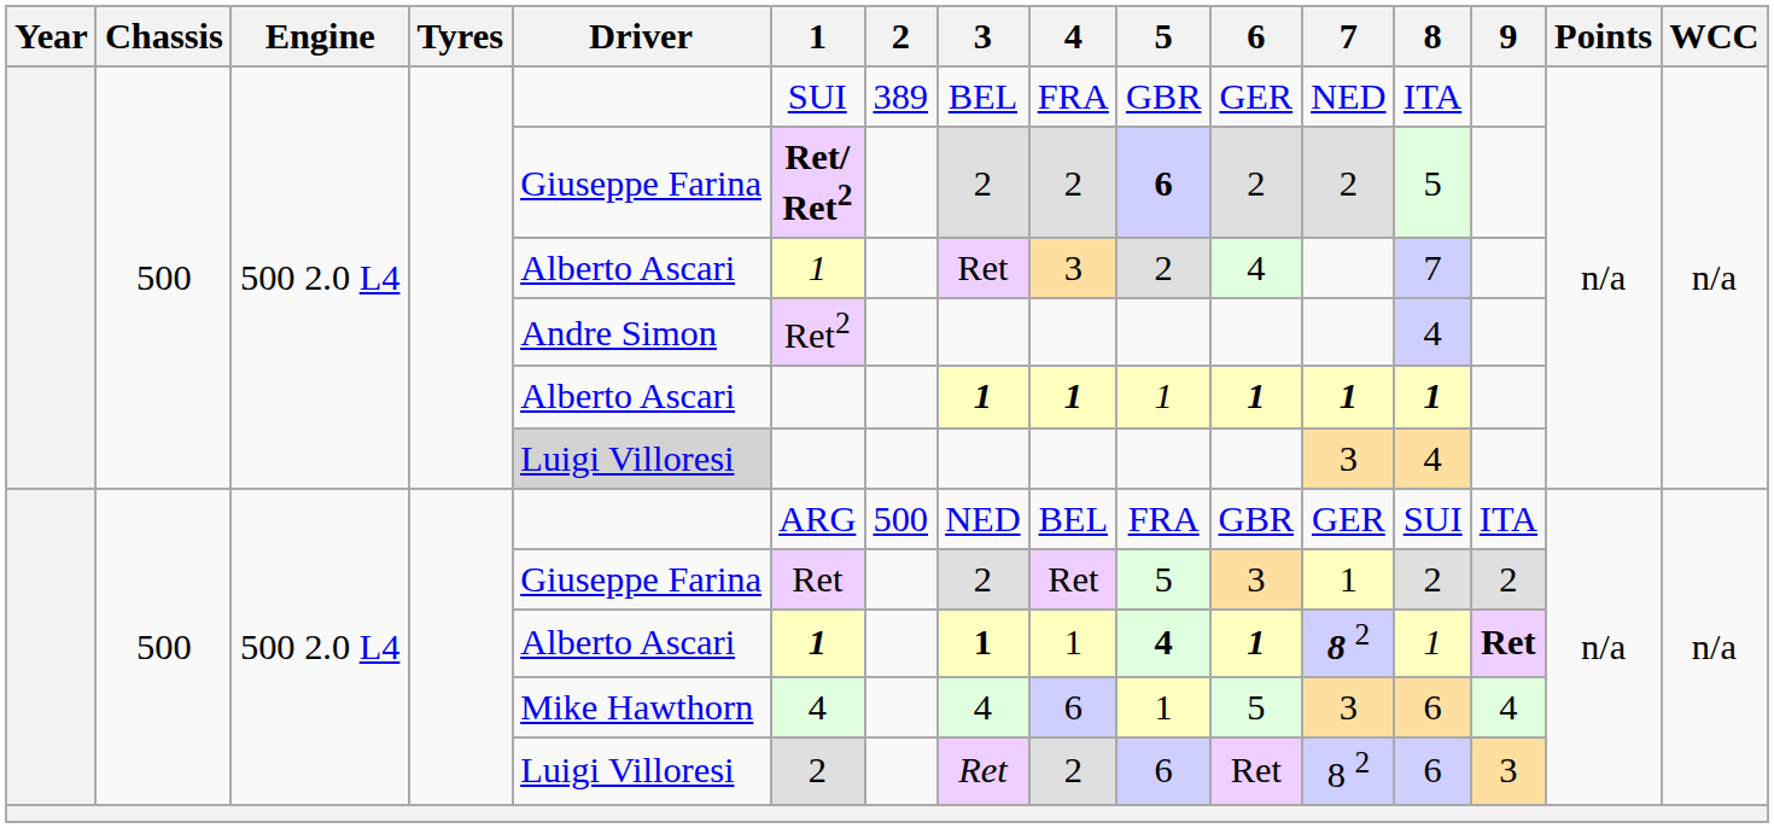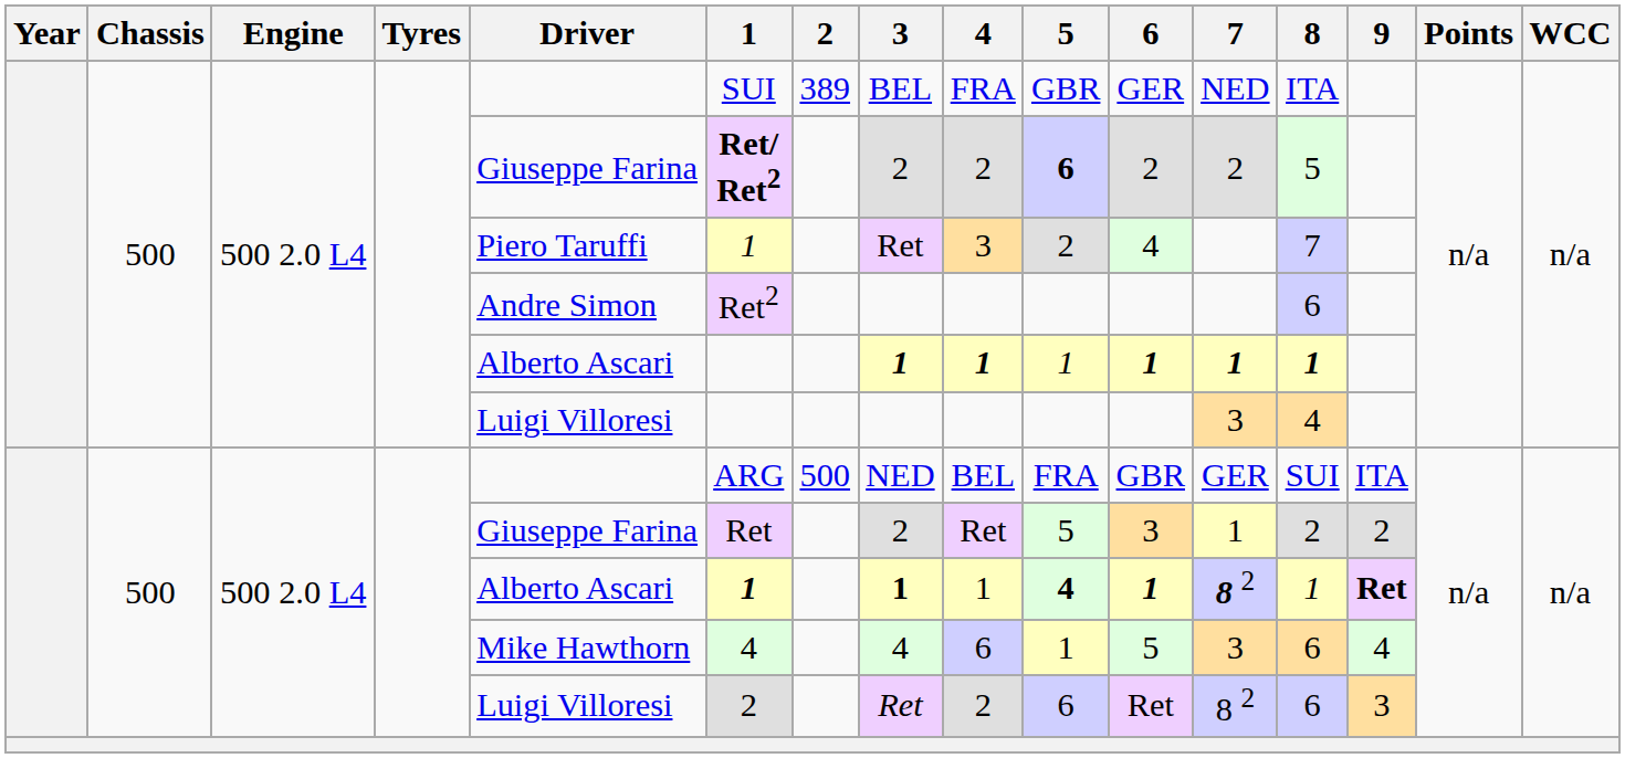 <table class="wikitable" style="text-align:center; font-size:95%">
 <tr>
 <th>Year</th>
 <th>Chassis</th>
 <th>Engine</th>
 <th>Tyres</th>
 <th>Driver</th>
 <th>1</th>
 <th>2</th>
 <th>3</th>
 <th>4</th>
 <th>5</th>
 <th>6</th>
 <th>7</th>
 <th>8</th>
 <th>9</th>
 <th>Points</th>
 <th>WCC</th>
 </tr>
 <tr>
 <th rowspan="6"></th>
 <td rowspan="6">500</td>
 <td rowspan="6">500 2.0 <a href='#'>L4</a></td>
 <td rowspan="6"></td>
 <td></td>
 <td><a href='#'>SUI</a></td>
 <td><a href='#'>389</a></td>
 <td><a href='#'>BEL</a></td>
 <td><a href='#'>FRA</a></td>
 <td><a href='#'>GBR</a></td>
 <td><a href='#'>GER</a></td>
 <td><a href='#'>NED</a></td>
 <td><a href='#'>ITA</a></td>
 <td></td>
 <td rowspan="6">n/a</td>
 <td rowspan="6">n/a</td>
 </tr>
 <tr>
 <td align="left"><a href='#'>Giuseppe Farina</a></td>
 <td style="background-color:#efcfff"><strong>Ret/<br>Ret<sup>2</sup></strong></td>
 <td></td>
 <td style="background-color:#dfdfdf">2</td>
 <td style="background-color:#dfdfdf">2</td>
 <td style="background-color:#cfcfff"><strong>6</strong></td>
 <td style="background-color:#dfdfdf">2</td>
 <td style="background-color:#dfdfdf">2</td>
 <td style="background-color:#dfffdf">5</td>
 <td></td>
 </tr>
 <tr>
-<td align="left"><a href='#'>Alberto Ascari</a></td>
+<td align="left"><a href='#'>Piero Taruffi</a></td>
 <td style="background-color:#ffffbf"><em>1</em></td>
 <td></td>
 <td style="background-color:#efcfff">Ret</td>
 <td style="background-color:#ffdf9f">3</td>
 <td style="background-color:#dfdfdf">2</td>
 <td style="background-color:#dfffdf">4</td>
 <td></td>
 <td style="background-color:#cfcfff">7</td>
 <td></td>
 </tr>
 <tr>
 <td align="left"><a href='#'>Andre Simon</a></td>
 <td style="background-color:#efcfff">Ret<sup>2</sup></td>
 <td></td>
 <td></td>
 <td></td>
 <td></td>
 <td></td>
 <td></td>
-<td style="background-color:#cfcfff">4</td>
+<td style="background-color:#cfcfff">6</td>
 <td></td>
 </tr>
 <tr>
 <td align="left"><a href='#'>Alberto Ascari</a></td>
 <td></td>
 <td></td>
 <td style="background-color:#ffffbf"><strong><em>1</em></strong></td>
 <td style="background-color:#ffffbf"><strong><em>1</em></strong></td>
 <td style="background-color:#ffffbf"><em>1</em></td>
 <td style="background-color:#ffffbf"><strong><em>1</em></strong></td>
 <td style="background-color:#ffffbf"><strong><em>1</em></strong></td>
 <td style="background-color:#ffffbf"><strong><em>1</em></strong></td>
 <td></td>
 </tr>
 <tr>
-<td align="left" style="background: lightgrey;"><a href='#'>Luigi Villoresi</a></td>
+<td align="left"><a href='#'>Luigi Villoresi</a></td>
 <td></td>
 <td></td>
 <td></td>
 <td></td>
 <td></td>
 <td></td>
 <td style="background-color:#ffdf9f">3</td>
 <td style="background-color:#ffdf9f">4</td>
 <td></td>
 </tr>
 <tr>
 <th rowspan="5"></th>
 <td rowspan="5">500</td>
 <td rowspan="5">500 2.0 <a href='#'>L4</a></td>
 <td rowspan="5"></td>
 <td></td>
 <td><a href='#'>ARG</a></td>
 <td><a href='#'>500</a></td>
 <td><a href='#'>NED</a></td>
 <td><a href='#'>BEL</a></td>
 <td><a href='#'>FRA</a></td>
 <td><a href='#'>GBR</a></td>
 <td><a href='#'>GER</a></td>
 <td><a href='#'>SUI</a></td>
 <td><a href='#'>ITA</a></td>
 <td rowspan="5">n/a</td>
 <td rowspan="5">n/a</td>
 </tr>
 <tr>
 <td align="left"><a href='#'>Giuseppe Farina</a></td>
 <td style="background-color:#EFCFFF">Ret</td>
 <td></td>
 <td style="background-color:#DFDFDF">2</td>
 <td style="background-color:#EFCFFF">Ret</td>
 <td style="background-color:#DFFFDF">5</td>
 <td style="background-color:#FFDF9F">3</td>
 <td style="background-color:#FFFFBF">1</td>
 <td style="background-color:#DFDFDF">2</td>
 <td style="background-color:#DFDFDF">2</td>
 </tr>
 <tr>
 <td align="left"><a href='#'>Alberto Ascari</a></td>
 <td style="background-color:#FFFFBF"><strong><em>1</em></strong></td>
 <td></td>
 <td style="background-color:#FFFFBF"><strong>1</strong></td>
 <td style="background-color:#FFFFBF">1</td>
 <td style="background-color:#DFFFDF"><strong>4</strong></td>
 <td style="background-color:#FFFFBF"><strong><em>1</em></strong></td>
 <td style="background-color:#CFCFFF"><strong><em>8</em></strong> <sup>2</sup></td>
 <td style="background-color:#FFFFBF"><em>1</em></td>
 <td style="background-color:#EFCFFF"><strong>Ret</strong></td>
 </tr>
 <tr>
 <td align="left"><a href='#'>Mike Hawthorn</a></td>
 <td style="background-color:#DFFFDF">4</td>
 <td></td>
 <td style="background-color:#DFFFDF">4</td>
 <td style="background-color:#CFCFFF">6</td>
 <td style="background-color:#FFFFBF">1</td>
 <td style="background-color:#DFFFDF">5</td>
 <td style="background-color:#FFDF9F">3</td>
 <td style="background-color:#FFDF9F">6</td>
 <td style="background-color:#DFFFDF">4</td>
 </tr>
 <tr>
 <td align="left"><a href='#'>Luigi Villoresi</a></td>
 <td style="background-color:#DFDFDF">2</td>
 <td></td>
 <td style="background-color:#EFCFFF"><em>Ret</em></td>
 <td style="background-color:#DFDFDF">2</td>
 <td style="background-color:#CFCFFF">6</td>
 <td style="background-color:#EFCFFF">Ret</td>
 <td style="background-color:#CFCFFF">8 <sup>2</sup></td>
 <td style="background-color:#CFCFFF">6</td>
 <td style="background-color:#FFDF9F">3</td>
 </tr>
 <tr>
 <th colspan="16"></th>
 </tr>
 </table>
